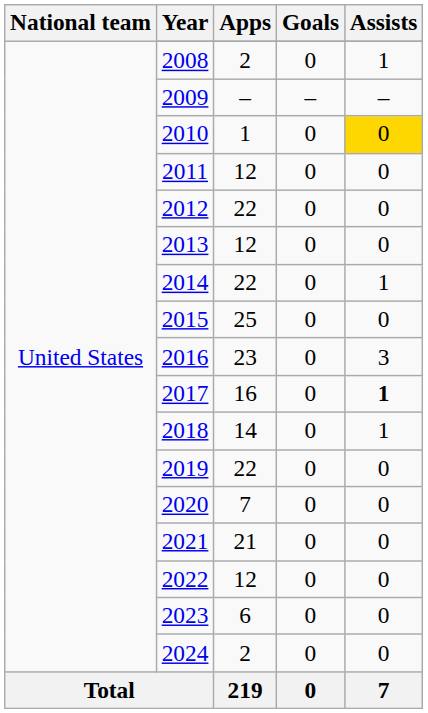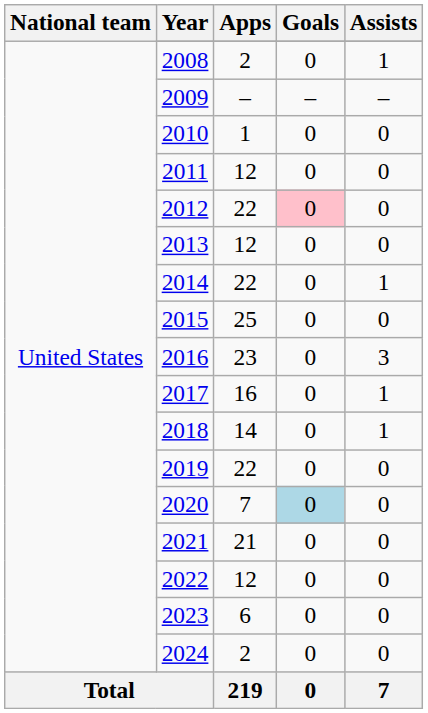 <table class="wikitable" style="text-align:center">
 <tr>
 <th>National team</th>
 <th>Year</th>
 <th>Apps</th>
 <th>Goals</th>
 <th>Assists</th>
 </tr>
 <tr>
 <td rowspan=18><a href='#'>United States</a></td>
 </tr>
 <tr>
 <td><a href='#'>2008</a></td>
 <td>2</td>
 <td>0</td>
 <td>1</td>
 </tr>
 <tr>
 <td><a href='#'>2009</a></td>
 <td>–</td>
 <td>–</td>
 <td>–</td>
 </tr>
 <tr>
 <td><a href='#'>2010</a></td>
 <td>1</td>
 <td>0</td>
-<td style="background: gold;">0</td>
+<td>0</td>
 </tr>
 <tr>
 <td><a href='#'>2011</a></td>
 <td>12</td>
 <td>0</td>
 <td>0</td>
 </tr>
 <tr>
 <td><a href='#'>2012</a></td>
 <td>22</td>
-<td>0</td>
+<td style="background: pink;">0</td>
 <td>0</td>
 </tr>
 <tr>
 <td><a href='#'>2013</a></td>
 <td>12</td>
 <td>0</td>
 <td>0</td>
 </tr>
 <tr>
 <td><a href='#'>2014</a></td>
 <td>22</td>
 <td>0</td>
 <td>1</td>
 </tr>
 <tr>
 <td><a href='#'>2015</a></td>
 <td>25</td>
 <td>0</td>
 <td>0</td>
 </tr>
 <tr>
 <td><a href='#'>2016</a></td>
 <td>23</td>
 <td>0</td>
 <td>3</td>
 </tr>
 <tr>
 <td><a href='#'>2017</a></td>
 <td>16</td>
 <td>0</td>
-<td><strong>1</strong></td>
+<td>1</td>
 </tr>
 <tr>
 <td><a href='#'>2018</a></td>
 <td>14</td>
 <td>0</td>
 <td>1</td>
 </tr>
 <tr>
 <td><a href='#'>2019</a></td>
 <td>22</td>
 <td>0</td>
 <td>0</td>
 </tr>
 <tr>
 <td><a href='#'>2020</a></td>
 <td>7</td>
-<td>0</td>
+<td style="background: lightblue;">0</td>
 <td>0</td>
 </tr>
 <tr>
 <td><a href='#'>2021</a></td>
 <td>21</td>
 <td>0</td>
 <td>0</td>
 </tr>
 <tr>
 <td><a href='#'>2022</a></td>
 <td>12</td>
 <td>0</td>
 <td>0</td>
 </tr>
 <tr>
 <td><a href='#'>2023</a></td>
 <td>6</td>
 <td>0</td>
 <td>0</td>
 </tr>
 <tr>
 <td><a href='#'>2024</a></td>
 <td>2</td>
 <td>0</td>
 <td>0</td>
 </tr>
 <tr>
 <th colspan=2>Total</th>
 <th>219</th>
 <th>0</th>
 <th>7</th>
 </tr>
 </table>
